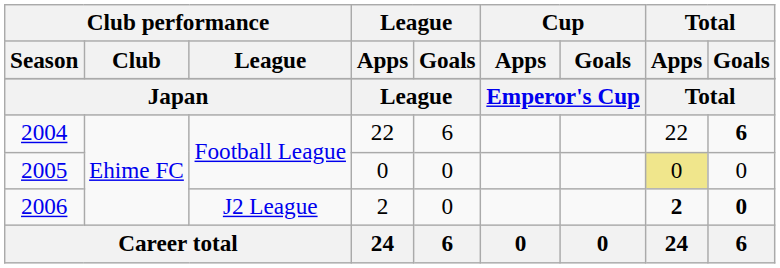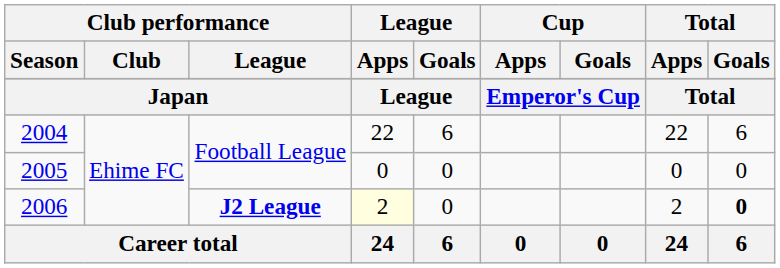 <table class="wikitable" style="text-align:center">
 <tr>
 <th colspan=3>Club performance</th>
 <th colspan=2>League</th>
 <th colspan=2>Cup</th>
 <th colspan=2>Total</th>
 </tr>
 <tr>
 <th>Season</th>
 <th>Club</th>
 <th>League</th>
 <th>Apps</th>
 <th>Goals</th>
 <th>Apps</th>
 <th>Goals</th>
 <th>Apps</th>
 <th>Goals</th>
 </tr>
 <tr>
 </tr>
 <tr>
 <th colspan=3>Japan</th>
 <th colspan=2>League</th>
 <th colspan=2><a href='#'>Emperor's Cup</a></th>
 <th colspan=2>Total</th>
 </tr>
 <tr>
 <td><a href='#'>2004</a></td>
 <td rowspan="3"><a href='#'>Ehime FC</a></td>
 <td rowspan="2"><a href='#'>Football League</a></td>
 <td>22</td>
 <td>6</td>
 <td></td>
 <td></td>
 <td>22</td>
-<td><strong>6</strong></td>
+<td>6</td>
 </tr>
 <tr>
 <td><a href='#'>2005</a></td>
 <td>0</td>
 <td>0</td>
 <td></td>
 <td></td>
-<td style="background: khaki;">0</td>
+<td>0</td>
 <td>0</td>
 </tr>
 <tr>
 <td><a href='#'>2006</a></td>
-<td><a href='#'>J2 League</a></td>
-<td>2</td>
+<td><strong><a href='#'>J2 League</a></strong></td>
+<td style="background: lightyellow;">2</td>
 <td>0</td>
 <td></td>
 <td></td>
-<td><strong>2</strong></td>
+<td>2</td>
 <td><strong>0</strong></td>
 </tr>
 <tr>
 <th colspan=3>Career total</th>
 <th>24</th>
 <th>6</th>
 <th>0</th>
 <th>0</th>
 <th>24</th>
 <th>6</th>
 </tr>
 </table>
